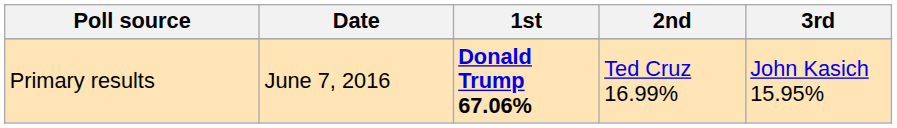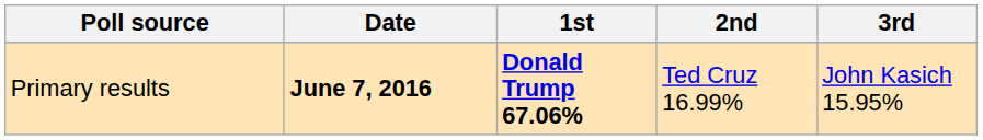 <table class="wikitable">
 <tr>
 <th style="width:180px;">Poll source</th>
 <th style="width:135px;">Date</th>
 <th style="width:100px;">1st</th>
 <th style="width:100px;">2nd</th>
 <th style="width:100px;">3rd</th>
 </tr>
 <tr>
 </tr>
 <tr style="background:Moccasin;">
 <td>Primary results</td>
-<td>June 7, 2016</td>
+<td><strong>June 7, 2016</strong></td>
 <td><strong><a href='#'>Donald Trump</a><br>67.06%</strong></td>
 <td><a href='#'>Ted Cruz</a><br>16.99%</td>
 <td><a href='#'>John Kasich</a><br>15.95%</td>
 </tr>
 </table>
